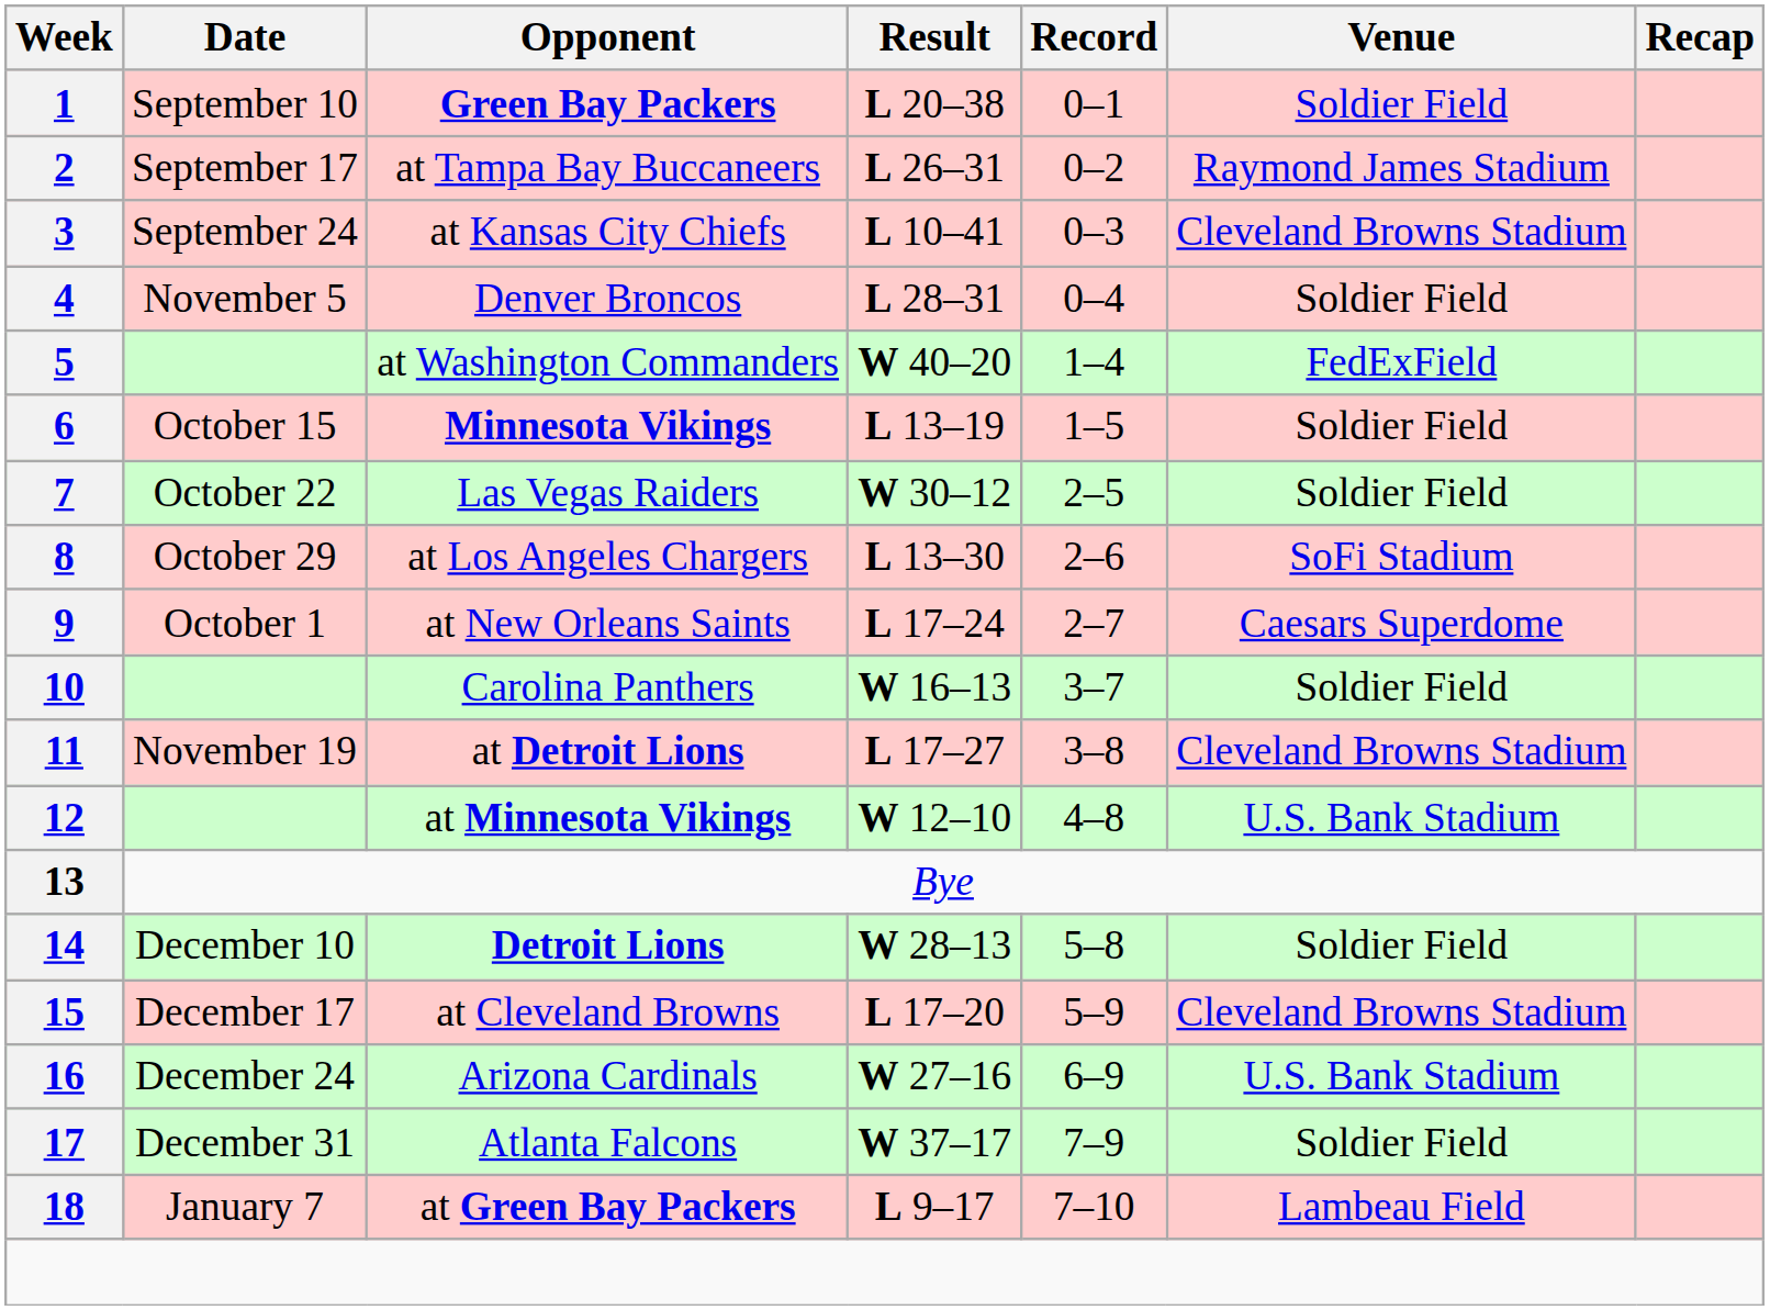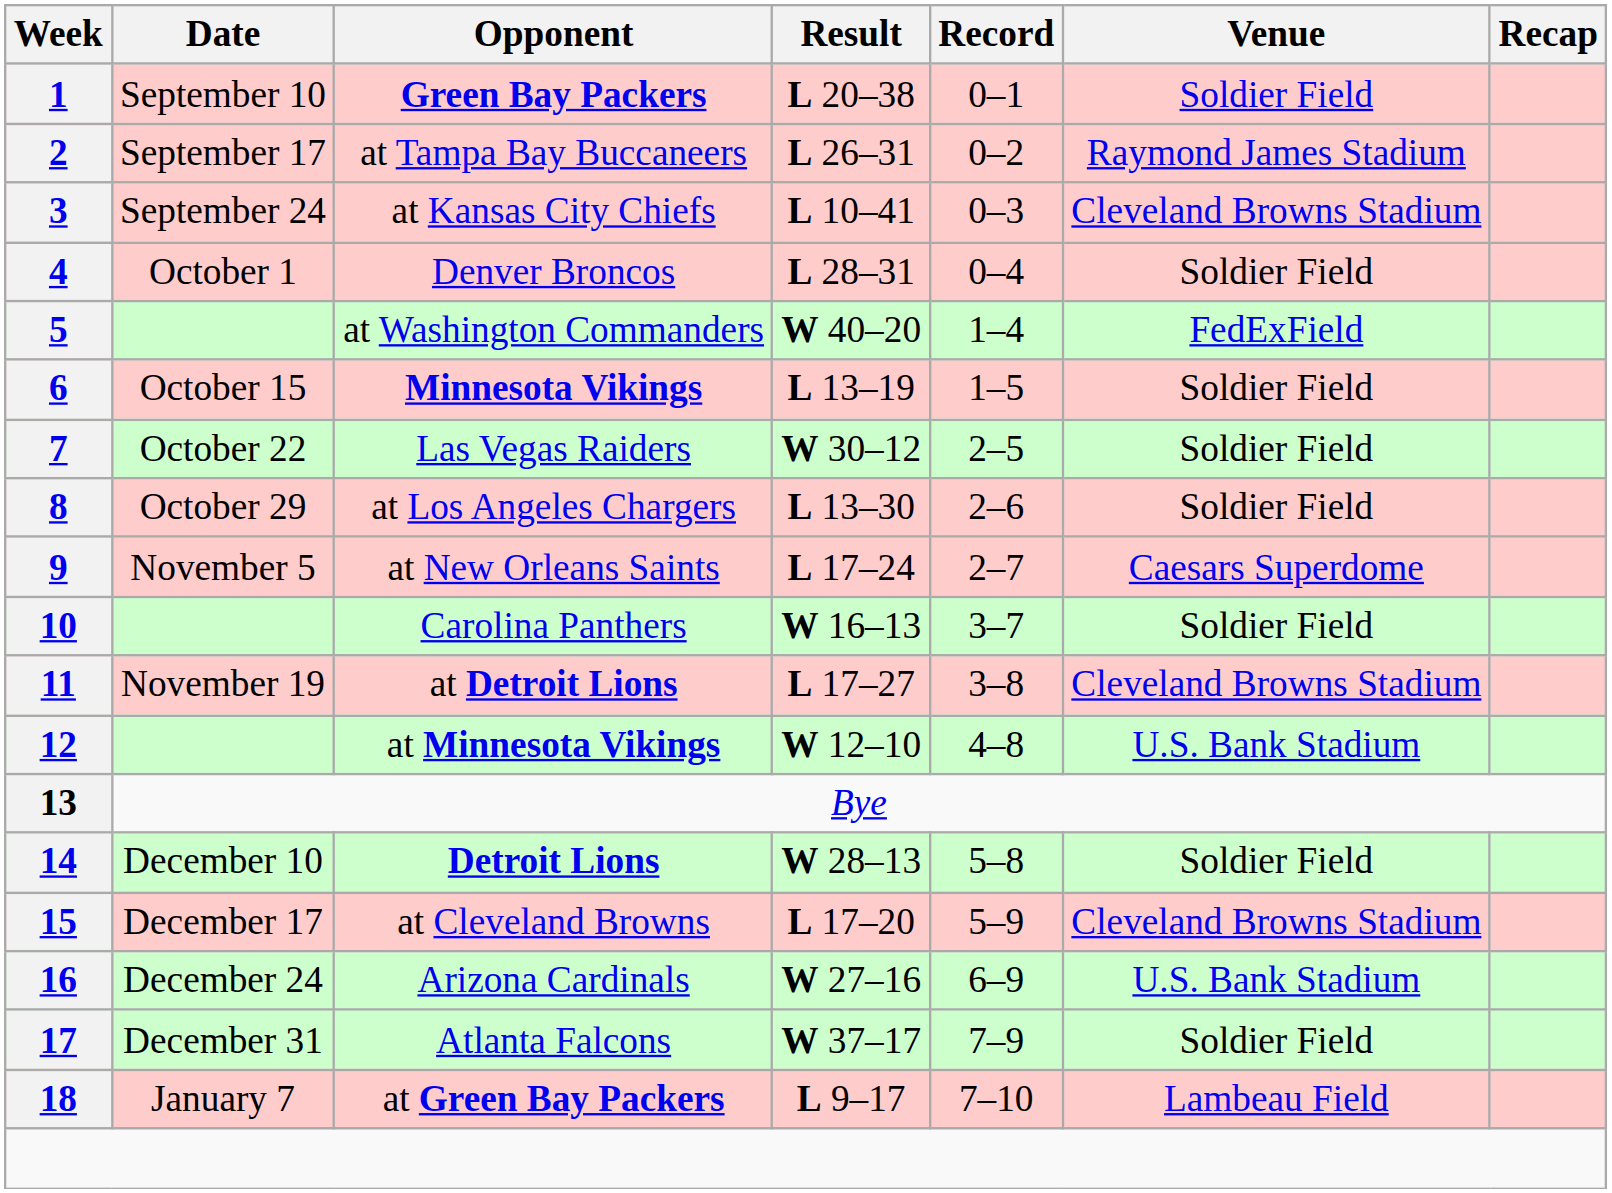 <table class="wikitable" style="text-align:center">
 <tr>
 <th>Week</th>
 <th>Date</th>
 <th>Opponent</th>
 <th>Result</th>
 <th>Record</th>
 <th>Venue</th>
 <th>Recap</th>
 </tr>
 <tr style="background:#fcc">
 <th><a href='#'>1</a></th>
 <td>September 10</td>
 <td><strong><a href='#'>Green Bay Packers</a></strong></td>
 <td><strong>L</strong> 20–38</td>
 <td>0–1</td>
 <td><a href='#'>Soldier Field</a></td>
 <td></td>
 </tr>
 <tr style="background:#fcc">
 <th><a href='#'>2</a></th>
 <td>September 17</td>
 <td>at <a href='#'>Tampa Bay Buccaneers</a></td>
 <td><strong>L</strong> 26–31</td>
 <td>0–2</td>
 <td><a href='#'>Raymond James Stadium</a></td>
 <td></td>
 </tr>
 <tr style="background:#fcc">
 <th><a href='#'>3</a></th>
 <td>September 24</td>
 <td>at <a href='#'>Kansas City Chiefs</a></td>
 <td><strong>L</strong> 10–41</td>
 <td>0–3</td>
 <td><a href='#'>Cleveland Browns Stadium</a></td>
 <td></td>
 </tr>
 <tr style="background:#fcc">
 <th><a href='#'>4</a></th>
-<td>November 5</td>
+<td>October 1</td>
 <td><a href='#'>Denver Broncos</a></td>
 <td><strong>L</strong> 28–31</td>
 <td>0–4</td>
 <td>Soldier Field</td>
 <td></td>
 </tr>
 <tr style="background:#cfc">
 <th><a href='#'>5</a></th>
 <td></td>
 <td>at <a href='#'>Washington Commanders</a></td>
 <td><strong>W</strong> 40–20</td>
 <td>1–4</td>
 <td><a href='#'>FedExField</a></td>
 <td></td>
 </tr>
 <tr style="background:#fcc">
 <th><a href='#'>6</a></th>
 <td>October 15</td>
 <td><strong><a href='#'>Minnesota Vikings</a></strong></td>
 <td><strong>L</strong> 13–19</td>
 <td>1–5</td>
 <td>Soldier Field</td>
 <td></td>
 </tr>
 <tr style="background:#cfc">
 <th><a href='#'>7</a></th>
 <td>October 22</td>
 <td><a href='#'>Las Vegas Raiders</a></td>
 <td><strong>W</strong> 30–12</td>
 <td>2–5</td>
 <td>Soldier Field</td>
 <td></td>
 </tr>
 <tr style="background:#fcc">
 <th><a href='#'>8</a></th>
 <td>October 29</td>
 <td>at <a href='#'>Los Angeles Chargers</a></td>
 <td><strong>L</strong> 13–30</td>
 <td>2–6</td>
-<td><a href='#'>SoFi Stadium</a></td>
+<td>Soldier Field</td>
 <td></td>
 </tr>
 <tr style="background:#fcc">
 <th><a href='#'>9</a></th>
-<td>October 1</td>
+<td>November 5</td>
 <td>at <a href='#'>New Orleans Saints</a></td>
 <td><strong>L</strong> 17–24</td>
 <td>2–7</td>
 <td><a href='#'>Caesars Superdome</a></td>
 <td></td>
 </tr>
 <tr style="background:#cfc">
 <th><a href='#'>10</a></th>
 <td></td>
 <td><a href='#'>Carolina Panthers</a></td>
 <td><strong>W</strong> 16–13</td>
 <td>3–7</td>
 <td>Soldier Field</td>
 <td></td>
 </tr>
 <tr style="background:#fcc">
 <th><a href='#'>11</a></th>
 <td>November 19</td>
 <td>at <strong><a href='#'>Detroit Lions</a></strong></td>
 <td><strong>L</strong> 17–27</td>
 <td>3–8</td>
 <td><a href='#'>Cleveland Browns Stadium</a></td>
 <td></td>
 </tr>
 <tr style="background:#cfc">
 <th><a href='#'>12</a></th>
 <td></td>
 <td>at <strong><a href='#'>Minnesota Vikings</a></strong></td>
 <td><strong>W</strong> 12–10</td>
 <td>4–8</td>
 <td><a href='#'>U.S. Bank Stadium</a></td>
 <td></td>
 </tr>
 <tr>
 <th>13</th>
 <td colspan="6"><em><a href='#'>Bye</a></em></td>
 </tr>
 <tr style="background:#cfc">
 <th><a href='#'>14</a></th>
 <td>December 10</td>
 <td><strong><a href='#'>Detroit Lions</a></strong></td>
 <td><strong>W</strong> 28–13</td>
 <td>5–8</td>
 <td>Soldier Field</td>
 <td></td>
 </tr>
 <tr style="background:#fcc">
 <th><a href='#'>15</a></th>
 <td>December 17</td>
 <td>at <a href='#'>Cleveland Browns</a></td>
 <td><strong>L</strong> 17–20</td>
 <td>5–9</td>
 <td><a href='#'>Cleveland Browns Stadium</a></td>
 <td></td>
 </tr>
 <tr style="background:#cfc">
 <th><a href='#'>16</a></th>
 <td>December 24</td>
 <td><a href='#'>Arizona Cardinals</a></td>
 <td><strong>W</strong> 27–16</td>
 <td>6–9</td>
 <td><a href='#'>U.S. Bank Stadium</a></td>
 <td></td>
 </tr>
 <tr style="background:#cfc">
 <th><a href='#'>17</a></th>
 <td>December 31</td>
 <td><a href='#'>Atlanta Falcons</a></td>
 <td><strong>W</strong> 37–17</td>
 <td>7–9</td>
 <td>Soldier Field</td>
 <td></td>
 </tr>
 <tr style="background:#fcc">
 <th><a href='#'>18</a></th>
 <td>January 7</td>
 <td>at <strong><a href='#'>Green Bay Packers</a></strong></td>
 <td><strong>L</strong> 9–17</td>
 <td>7–10</td>
 <td><a href='#'>Lambeau Field</a></td>
 <td></td>
 </tr>
 <tr>
 <td colspan="7"><br></td>
 </tr>
 </table>
